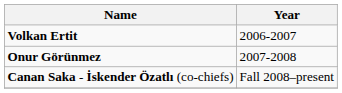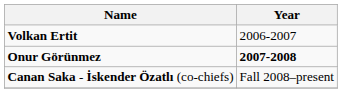 <table class="wikitable">
 <tr>
 <th><strong>Name</strong></th>
 <th><strong>Year</strong></th>
 </tr>
 <tr>
 <td><strong>Volkan Ertit</strong></td>
 <td>2006-2007</td>
 </tr>
 <tr>
 <td><strong>Onur Görünmez</strong></td>
-<td>2007-2008</td>
+<td><strong>2007-2008</strong></td>
 </tr>
 <tr>
 <td><strong>Canan Saka</strong> - <strong>İskender Özatlı</strong> (co-chiefs)</td>
 <td>Fall 2008–present</td>
 </tr>
 <tr>
 </tr>
 </table>
